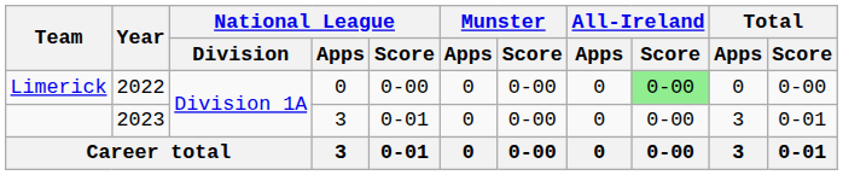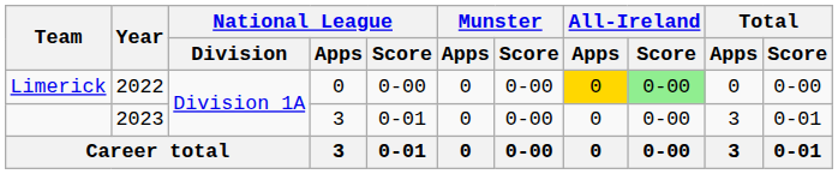 <table class="wikitable" style="text-align:center">
 <tr>
 <th rowspan="2">Team</th>
 <th rowspan="2">Year</th>
 <th colspan="3"><a href='#'>National League</a></th>
 <th colspan="2"><a href='#'>Munster</a></th>
 <th colspan="2"><a href='#'>All-Ireland</a></th>
 <th colspan="2">Total</th>
 </tr>
 <tr>
 <th>Division</th>
 <th>Apps</th>
 <th>Score</th>
 <th>Apps</th>
 <th>Score</th>
 <th>Apps</th>
 <th>Score</th>
 <th>Apps</th>
 <th>Score</th>
 </tr>
 <tr>
 <td rowspan="1"><a href='#'>Limerick</a></td>
 <td>2022</td>
 <td rowspan="2"><a href='#'>Division 1A</a></td>
 <td>0</td>
 <td>0-00</td>
 <td>0</td>
 <td>0-00</td>
-<td>0</td>
+<td style="background: gold;">0</td>
 <td style="background: lightgreen;">0-00</td>
 <td>0</td>
 <td>0-00</td>
 </tr>
 <tr>
 <td></td>
 <td>2023</td>
 <td>3</td>
 <td>0-01</td>
 <td>0</td>
 <td>0-00</td>
 <td>0</td>
 <td>0-00</td>
 <td>3</td>
 <td>0-01</td>
 </tr>
 <tr>
 <th colspan="3">Career total</th>
 <th>3</th>
 <th>0-01</th>
 <th>0</th>
 <th>0-00</th>
 <th>0</th>
 <th>0-00</th>
 <th>3</th>
 <th>0-01</th>
 </tr>
 </table>
